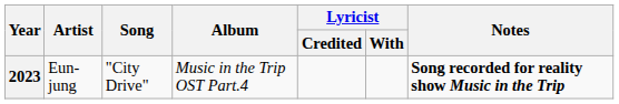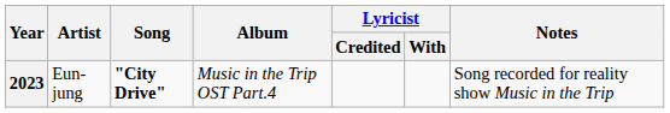 <table class="wikitable plainrowheaders">
 <tr>
 <th rowspan="2">Year</th>
 <th rowspan="2">Artist</th>
 <th rowspan="2">Song</th>
 <th rowspan="2">Album</th>
 <th colspan="2"><a href='#'>Lyricist</a></th>
 <th rowspan="2">Notes</th>
 </tr>
 <tr>
 <th>Credited</th>
 <th>With</th>
 </tr>
 <tr>
 <th scope="row">2023</th>
 <td>Eun-jung</td>
-<td>"City Drive"</td>
+<td><strong>"City Drive"</strong></td>
 <td><em>Music in the Trip OST Part.4 </em></td>
 <td></td>
 <td></td>
-<td><strong>Song recorded for reality show <em>Music in the Trip</em></strong></td>
+<td>Song recorded for reality show <em>Music in the Trip</em></td>
 </tr>
 </table>
